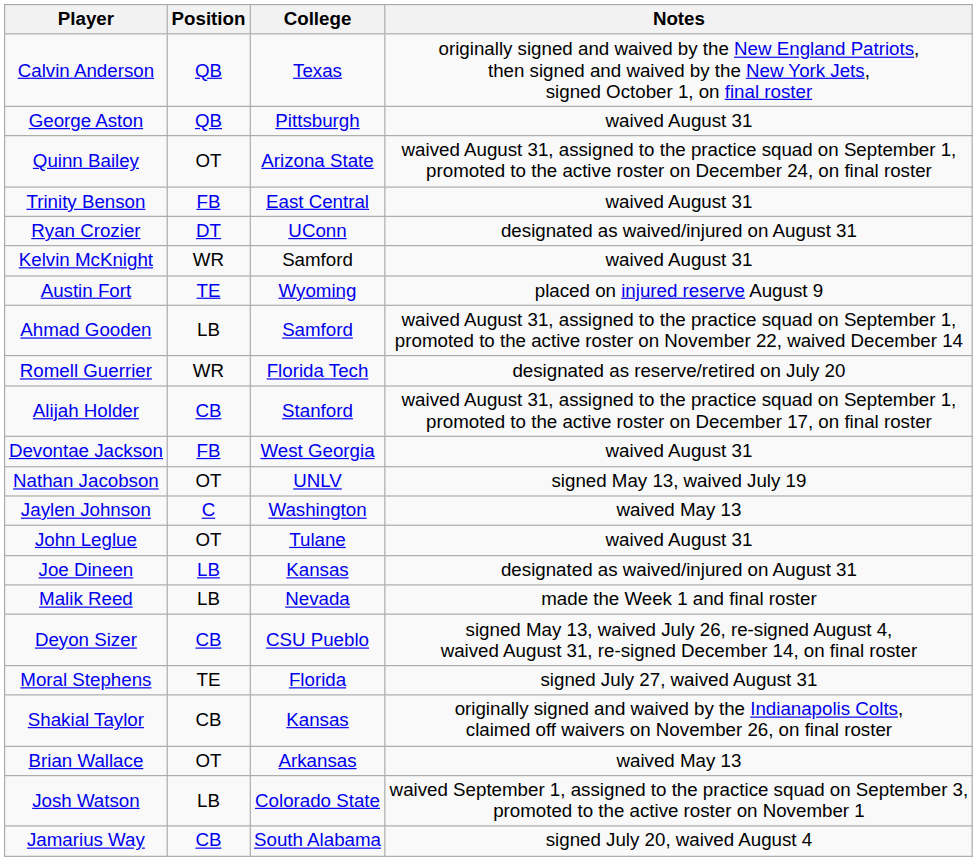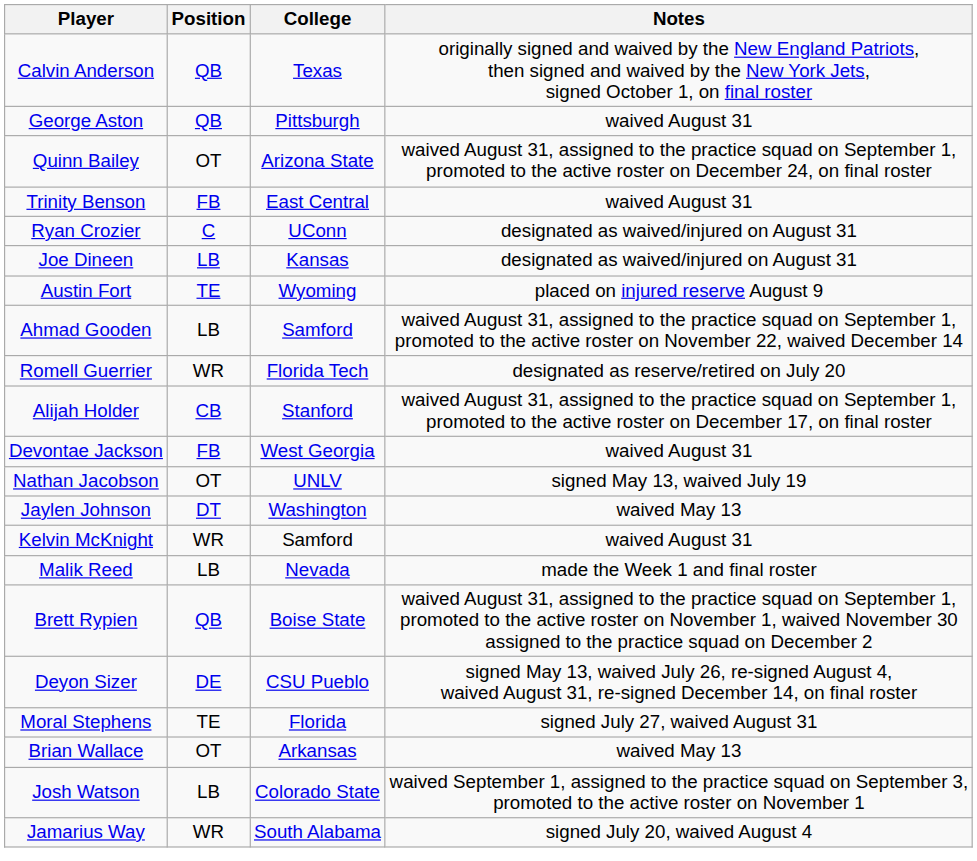 <table class="wikitable" style="text-align:center">
 <tr>
 <th>Player</th>
 <th>Position</th>
 <th>College</th>
 <th>Notes</th>
 </tr>
 <tr>
 <td><a href='#'>Calvin Anderson</a></td>
 <td><a href='#'>QB</a></td>
 <td><a href='#'>Texas</a></td>
 <td>originally signed and waived by the <a href='#'>New England Patriots</a>,<br>then signed and waived by the <a href='#'>New York Jets</a>,<br>signed October 1, on <a href='#'>final roster</a></td>
 </tr>
 <tr>
 <td><a href='#'>George Aston</a></td>
 <td><a href='#'>QB</a></td>
 <td><a href='#'>Pittsburgh</a></td>
 <td>waived August 31</td>
 </tr>
 <tr>
 <td><a href='#'>Quinn Bailey</a></td>
 <td>OT</td>
 <td><a href='#'>Arizona State</a></td>
 <td>waived August 31, assigned to the practice squad on September 1,<br>promoted to the active roster on December 24, on final roster</td>
 </tr>
 <tr>
 <td><a href='#'>Trinity Benson</a></td>
 <td><a href='#'>FB</a></td>
 <td><a href='#'>East Central</a></td>
 <td>waived August 31</td>
 </tr>
 <tr>
 <td><a href='#'>Ryan Crozier</a></td>
-<td><a href='#'>DT</a></td>
+<td><a href='#'>C</a></td>
 <td><a href='#'>UConn</a></td>
 <td>designated as waived/injured on August 31</td>
 </tr>
 <tr>
-<td><a href='#'>Kelvin McKnight</a></td>
-<td>WR</td>
-<td>Samford</td>
-<td>waived August 31</td>
+<td><a href='#'>Joe Dineen</a></td>
+<td><a href='#'>LB</a></td>
+<td><a href='#'>Kansas</a></td>
+<td>designated as waived/injured on August 31</td>
 </tr>
 <tr>
 <td><a href='#'>Austin Fort</a></td>
 <td><a href='#'>TE</a></td>
 <td><a href='#'>Wyoming</a></td>
 <td>placed on <a href='#'>injured reserve</a> August 9</td>
 </tr>
 <tr>
 <td><a href='#'>Ahmad Gooden</a></td>
 <td>LB</td>
 <td><a href='#'>Samford</a></td>
 <td>waived August 31, assigned to the practice squad on September 1,<br>promoted to the active roster on November 22, waived December 14</td>
 </tr>
 <tr>
 <td><a href='#'>Romell Guerrier</a></td>
 <td>WR</td>
 <td><a href='#'>Florida Tech</a></td>
 <td>designated as reserve/retired on July 20</td>
 </tr>
 <tr>
 <td><a href='#'>Alijah Holder</a></td>
 <td><a href='#'>CB</a></td>
 <td><a href='#'>Stanford</a></td>
 <td>waived August 31, assigned to the practice squad on September 1,<br> promoted to the active roster on December 17, on final roster</td>
 </tr>
 <tr>
 <td><a href='#'>Devontae Jackson</a></td>
 <td><a href='#'>FB</a></td>
 <td><a href='#'>West Georgia</a></td>
 <td>waived August 31</td>
 </tr>
 <tr>
 <td><a href='#'>Nathan Jacobson</a></td>
 <td>OT</td>
 <td><a href='#'>UNLV</a></td>
 <td>signed May 13, waived July 19</td>
 </tr>
 <tr>
 <td><a href='#'>Jaylen Johnson</a></td>
-<td><a href='#'>C</a></td>
+<td><a href='#'>DT</a></td>
 <td><a href='#'>Washington</a></td>
 <td>waived May 13</td>
 </tr>
 <tr>
-<td><a href='#'>John Leglue</a></td>
-<td>OT</td>
-<td><a href='#'>Tulane</a></td>
+<td><a href='#'>Kelvin McKnight</a></td>
+<td>WR</td>
+<td>Samford</td>
 <td>waived August 31</td>
-</tr>
-<tr>
-<td><a href='#'>Joe Dineen</a></td>
-<td><a href='#'>LB</a></td>
-<td><a href='#'>Kansas</a></td>
-<td>designated as waived/injured on August 31</td>
 </tr>
 <tr>
 <td><a href='#'>Malik Reed</a></td>
 <td>LB</td>
 <td><a href='#'>Nevada</a></td>
 <td>made the Week 1 and final roster</td>
 </tr>
 <tr>
+<td><a href='#'>Brett Rypien</a></td>
+<td><a href='#'>QB</a></td>
+<td><a href='#'>Boise State</a></td>
+<td>waived August 31, assigned to the practice squad on September 1,<br>promoted to the active roster on November 1, waived November 30<br>assigned to the practice squad on December 2</td>
+</tr>
+<tr>
 <td><a href='#'>Deyon Sizer</a></td>
-<td><a href='#'>CB</a></td>
+<td><a href='#'>DE</a></td>
 <td><a href='#'>CSU Pueblo</a></td>
 <td>signed May 13, waived July 26, re-signed August 4,<br>waived August 31, re-signed December 14, on final roster</td>
 </tr>
 <tr>
 <td><a href='#'>Moral Stephens</a></td>
 <td>TE</td>
 <td><a href='#'>Florida</a></td>
 <td>signed July 27, waived August 31</td>
-</tr>
-<tr>
-<td><a href='#'>Shakial Taylor</a></td>
-<td>CB</td>
-<td><a href='#'>Kansas</a></td>
-<td>originally signed and waived by the <a href='#'>Indianapolis Colts</a>,<br>claimed off waivers on November 26, on final roster</td>
 </tr>
 <tr>
 <td><a href='#'>Brian Wallace</a></td>
 <td>OT</td>
 <td><a href='#'>Arkansas</a></td>
 <td>waived May 13</td>
 </tr>
 <tr>
 <td><a href='#'>Josh Watson</a></td>
 <td>LB</td>
 <td><a href='#'>Colorado State</a></td>
 <td>waived September 1, assigned to the practice squad on September 3,<br>promoted to the active roster on November 1</td>
 </tr>
 <tr>
 <td><a href='#'>Jamarius Way</a></td>
-<td><a href='#'>CB</a></td>
+<td>WR</td>
 <td><a href='#'>South Alabama</a></td>
 <td>signed July 20, waived August 4</td>
 </tr>
 </table>
